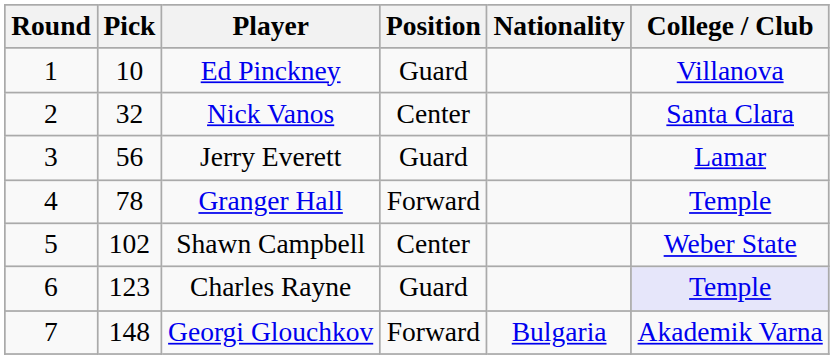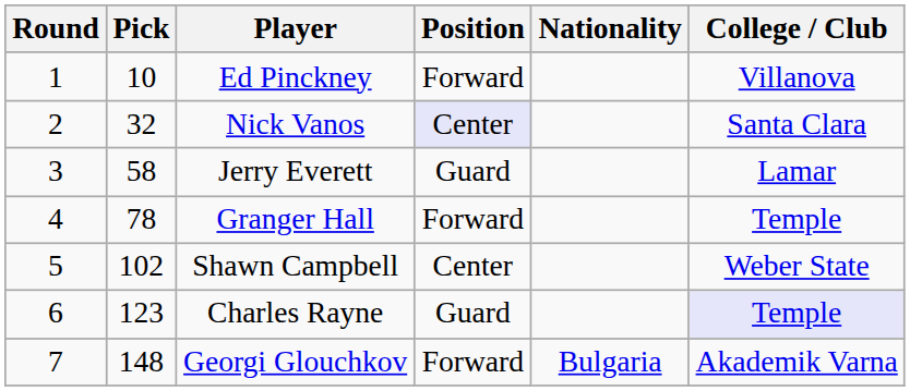 <table class="wikitable sortable sortable">
 <tr>
 <th>Round</th>
 <th>Pick</th>
 <th>Player</th>
 <th>Position</th>
 <th>Nationality</th>
 <th>College / Club</th>
 </tr>
 <tr style="text-align: center">
 <td>1</td>
 <td>10</td>
 <td><a href='#'>Ed Pinckney</a></td>
-<td>Guard</td>
+<td>Forward</td>
 <td></td>
 <td><a href='#'>Villanova</a></td>
 </tr>
 <tr style="text-align: center">
 <td>2</td>
 <td>32</td>
 <td><a href='#'>Nick Vanos</a></td>
-<td>Center</td>
+<td style="background: lavender;">Center</td>
 <td></td>
 <td><a href='#'>Santa Clara</a></td>
 </tr>
 <tr style="text-align: center">
 <td>3</td>
-<td>56</td>
+<td>58</td>
 <td>Jerry Everett</td>
 <td>Guard</td>
 <td></td>
 <td><a href='#'>Lamar</a></td>
 </tr>
 <tr style="text-align: center">
 <td>4</td>
 <td>78</td>
 <td><a href='#'>Granger Hall</a></td>
 <td>Forward</td>
 <td></td>
 <td><a href='#'>Temple</a></td>
 </tr>
 <tr style="text-align: center">
 <td>5</td>
 <td>102</td>
 <td>Shawn Campbell</td>
 <td>Center</td>
 <td></td>
 <td><a href='#'>Weber State</a></td>
 </tr>
 <tr style="text-align: center">
 <td>6</td>
 <td>123</td>
 <td>Charles Rayne</td>
 <td>Guard</td>
 <td></td>
 <td style="background: lavender;"><a href='#'>Temple</a></td>
 </tr>
 <tr style="text-align: center">
 <td>7</td>
 <td>148</td>
 <td><a href='#'>Georgi Glouchkov</a></td>
 <td>Forward</td>
 <td> <a href='#'>Bulgaria</a></td>
 <td> <a href='#'>Akademik Varna</a></td>
 </tr>
 </table>
